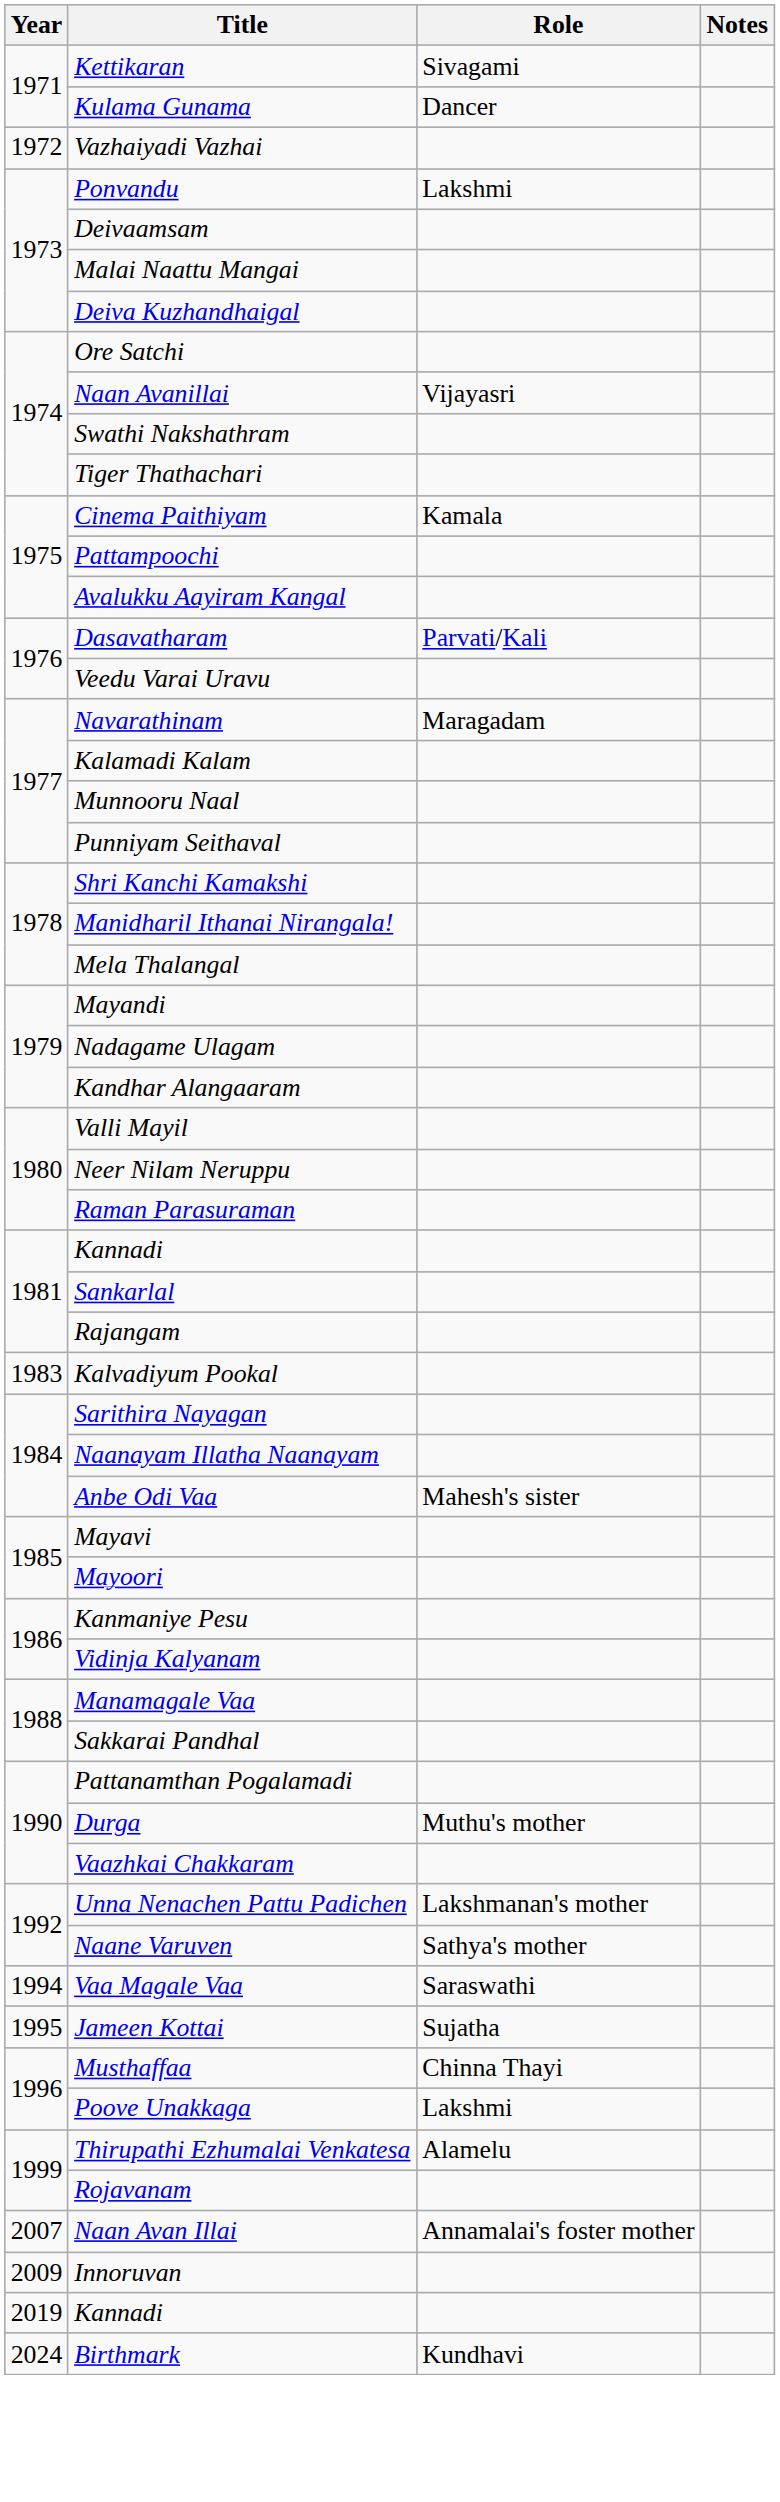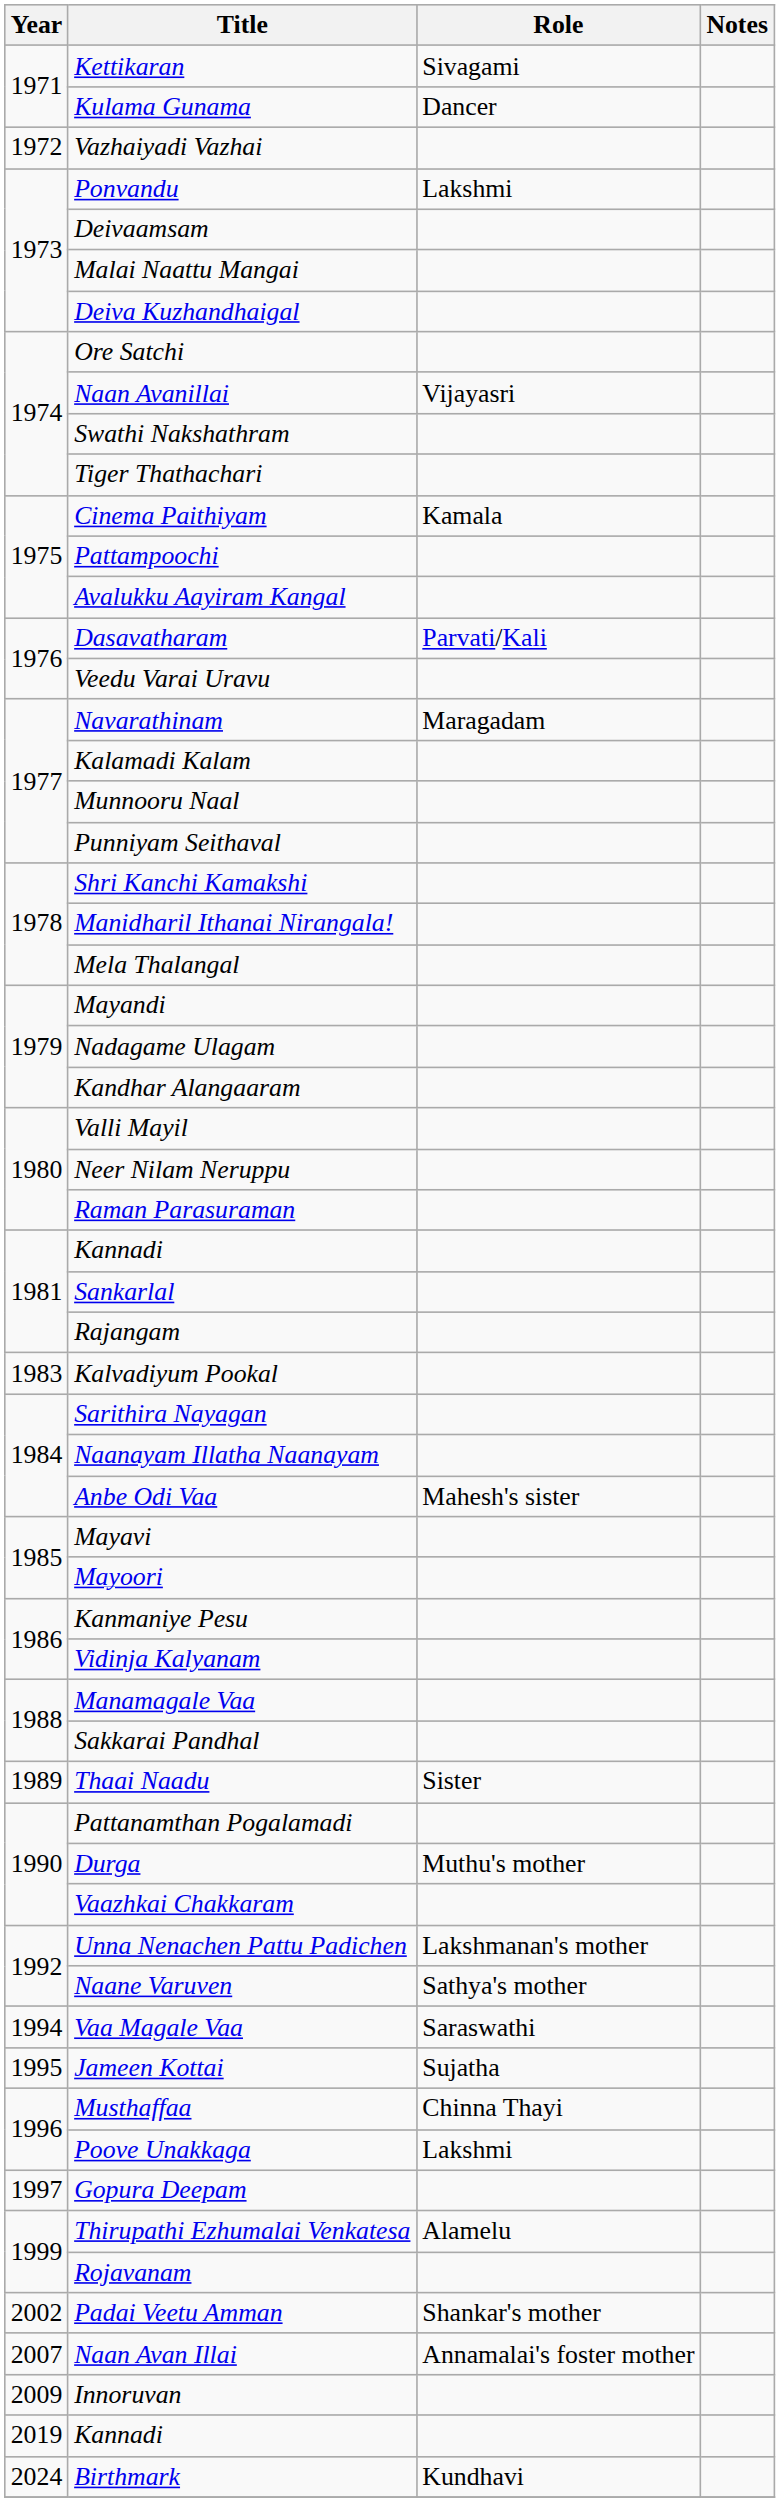 <table class="wikitable sortable">
 <tr>
 <th>Year</th>
 <th>Title</th>
 <th>Role</th>
 <th class="unsortable">Notes</th>
 </tr>
 <tr>
 <td rowspan=2>1971</td>
 <td><em><a href='#'>Kettikaran</a></em></td>
 <td>Sivagami</td>
 <td></td>
 </tr>
 <tr>
 <td><em><a href='#'>Kulama Gunama</a></em></td>
 <td>Dancer</td>
 <td></td>
 </tr>
 <tr>
 <td>1972</td>
 <td><em>Vazhaiyadi Vazhai</em></td>
 <td></td>
 <td></td>
 </tr>
 <tr>
 <td rowspan=4>1973</td>
 <td><em><a href='#'>Ponvandu</a></em></td>
 <td>Lakshmi</td>
 <td></td>
 </tr>
 <tr>
 <td><em>Deivaamsam</em></td>
 <td></td>
 <td></td>
 </tr>
 <tr>
 <td><em>Malai Naattu Mangai</em></td>
 <td></td>
 <td></td>
 </tr>
 <tr>
 <td><em><a href='#'>Deiva Kuzhandhaigal</a></em></td>
 <td></td>
 <td></td>
 </tr>
 <tr>
 <td rowspan=4>1974</td>
 <td><em>Ore Satchi</em></td>
 <td></td>
 <td></td>
 </tr>
 <tr>
 <td><em><a href='#'>Naan Avanillai</a></em></td>
 <td>Vijayasri</td>
 <td></td>
 </tr>
 <tr>
 <td><em>Swathi Nakshathram</em></td>
 <td></td>
 <td></td>
 </tr>
 <tr>
 <td><em>Tiger Thathachari</em></td>
 <td></td>
 <td></td>
 </tr>
 <tr>
 <td rowspan=3>1975</td>
 <td><em><a href='#'>Cinema Paithiyam</a></em></td>
 <td>Kamala</td>
 <td></td>
 </tr>
 <tr>
 <td><em><a href='#'>Pattampoochi</a></em></td>
 <td></td>
 <td></td>
 </tr>
 <tr>
 <td><em><a href='#'>Avalukku Aayiram Kangal</a></em></td>
 <td></td>
 <td></td>
 </tr>
 <tr>
 <td rowspan=2>1976</td>
 <td><em><a href='#'>Dasavatharam</a></em></td>
 <td><a href='#'>Parvati</a>/<a href='#'>Kali</a></td>
 <td></td>
 </tr>
 <tr>
 <td><em>Veedu Varai Uravu</em></td>
 <td></td>
 <td></td>
 </tr>
 <tr>
 <td rowspan=4>1977</td>
 <td><em><a href='#'>Navarathinam</a></em></td>
 <td>Maragadam</td>
 <td></td>
 </tr>
 <tr>
 <td><em>Kalamadi Kalam</em></td>
 <td></td>
 <td></td>
 </tr>
 <tr>
 <td><em>Munnooru Naal</em></td>
 <td></td>
 <td></td>
 </tr>
 <tr>
 <td><em>Punniyam Seithaval</em></td>
 <td></td>
 <td></td>
 </tr>
 <tr>
 <td rowspan=3>1978</td>
 <td><em><a href='#'>Shri Kanchi Kamakshi</a></em></td>
 <td></td>
 <td></td>
 </tr>
 <tr>
 <td><em><a href='#'>Manidharil Ithanai Nirangala!</a></em></td>
 <td></td>
 <td></td>
 </tr>
 <tr>
 <td><em>Mela Thalangal</em></td>
 <td></td>
 <td></td>
 </tr>
 <tr>
 <td rowspan=3>1979</td>
 <td><em>Mayandi</em></td>
 <td></td>
 <td></td>
 </tr>
 <tr>
 <td><em>Nadagame Ulagam</em></td>
 <td></td>
 <td></td>
 </tr>
 <tr>
 <td><em>Kandhar Alangaaram</em></td>
 <td></td>
 <td></td>
 </tr>
 <tr>
 <td rowspan=3>1980</td>
 <td><em>Valli Mayil</em></td>
 <td></td>
 <td></td>
 </tr>
 <tr>
 <td><em>Neer Nilam Neruppu</em></td>
 <td></td>
 <td></td>
 </tr>
 <tr>
 <td><em><a href='#'>Raman Parasuraman</a></em></td>
 <td></td>
 <td></td>
 </tr>
 <tr>
 <td rowspan=3>1981</td>
 <td><em>Kannadi</em></td>
 <td></td>
 <td></td>
 </tr>
 <tr>
 <td><em><a href='#'>Sankarlal</a></em></td>
 <td></td>
 <td></td>
 </tr>
 <tr>
 <td><em>Rajangam</em></td>
 <td></td>
 <td></td>
 </tr>
 <tr>
 <td>1983</td>
 <td><em>Kalvadiyum Pookal</em></td>
 <td></td>
 <td></td>
 </tr>
 <tr>
 <td rowspan=3>1984</td>
 <td><em><a href='#'>Sarithira Nayagan</a></em></td>
 <td></td>
 <td></td>
 </tr>
 <tr>
 <td><em><a href='#'>Naanayam Illatha Naanayam</a></em></td>
 <td></td>
 <td></td>
 </tr>
 <tr>
 <td><em><a href='#'>Anbe Odi Vaa</a></em></td>
 <td>Mahesh's sister</td>
 <td></td>
 </tr>
 <tr>
 <td rowspan="2">1985</td>
 <td><em>Mayavi</em></td>
 <td></td>
 <td></td>
 </tr>
 <tr>
 <td><em><a href='#'>Mayoori</a></em></td>
 <td></td>
 <td></td>
 </tr>
 <tr>
 <td rowspan="2'">1986</td>
 <td><em>Kanmaniye Pesu</em></td>
 <td></td>
 <td></td>
 </tr>
 <tr>
 <td><em><a href='#'>Vidinja Kalyanam</a></em></td>
 <td></td>
 <td></td>
 </tr>
 <tr>
 <td rowspan=2>1988</td>
 <td><em><a href='#'>Manamagale Vaa</a></em></td>
 <td></td>
 <td></td>
 </tr>
 <tr>
 <td><em>Sakkarai Pandhal</em></td>
 <td></td>
 <td></td>
 </tr>
 <tr>
+<td>1989</td>
+<td><em><a href='#'>Thaai Naadu</a></em></td>
+<td>Sister</td>
+<td></td>
+</tr>
+<tr>
 <td rowspan=3>1990</td>
 <td><em>Pattanamthan Pogalamadi</em></td>
 <td></td>
 <td></td>
 </tr>
 <tr>
 <td><em><a href='#'>Durga</a></em></td>
 <td>Muthu's mother</td>
 <td></td>
 </tr>
 <tr>
 <td><em><a href='#'>Vaazhkai Chakkaram</a></em></td>
 <td></td>
 <td></td>
 </tr>
 <tr>
 <td rowspan=2>1992</td>
 <td><em><a href='#'>Unna Nenachen Pattu Padichen</a></em></td>
 <td>Lakshmanan's mother</td>
 <td></td>
 </tr>
 <tr>
 <td><em><a href='#'>Naane Varuven</a></em></td>
 <td>Sathya's mother</td>
 <td></td>
 </tr>
 <tr>
 <td>1994</td>
 <td><em><a href='#'>Vaa Magale Vaa</a></em></td>
 <td>Saraswathi</td>
 <td></td>
 </tr>
 <tr>
 <td>1995</td>
 <td><em><a href='#'>Jameen Kottai</a></em></td>
 <td>Sujatha</td>
 <td></td>
 </tr>
 <tr>
 <td rowspan=2>1996</td>
 <td><em><a href='#'>Musthaffaa</a></em></td>
 <td>Chinna Thayi</td>
 <td></td>
 </tr>
 <tr>
 <td><em><a href='#'>Poove Unakkaga</a></em></td>
 <td>Lakshmi</td>
 <td></td>
 </tr>
 <tr>
+<td>1997</td>
+<td><em><a href='#'>Gopura Deepam</a></em></td>
+<td></td>
+<td></td>
+</tr>
+<tr>
 <td rowspan="2">1999</td>
 <td><em><a href='#'>Thirupathi Ezhumalai Venkatesa</a></em></td>
 <td>Alamelu</td>
 <td></td>
 </tr>
 <tr>
 <td><em><a href='#'>Rojavanam</a></em></td>
 <td></td>
+<td></td>
+</tr>
+<tr>
+<td>2002</td>
+<td><em><a href='#'>Padai Veetu Amman</a></em></td>
+<td>Shankar's mother</td>
 <td></td>
 </tr>
 <tr>
 <td>2007</td>
 <td><em><a href='#'>Naan Avan Illai</a></em></td>
 <td>Annamalai's foster mother</td>
 <td></td>
 </tr>
 <tr>
 <td>2009</td>
 <td><em>Innoruvan</em></td>
 <td></td>
 <td></td>
 </tr>
 <tr>
 <td>2019</td>
 <td><em>Kannadi</em></td>
 <td></td>
 <td></td>
 </tr>
 <tr>
 <td>2024</td>
 <td><em><a href='#'>Birthmark</a></em></td>
 <td>Kundhavi</td>
 <td></td>
 </tr>
 <tr>
 </tr>
 </table>
